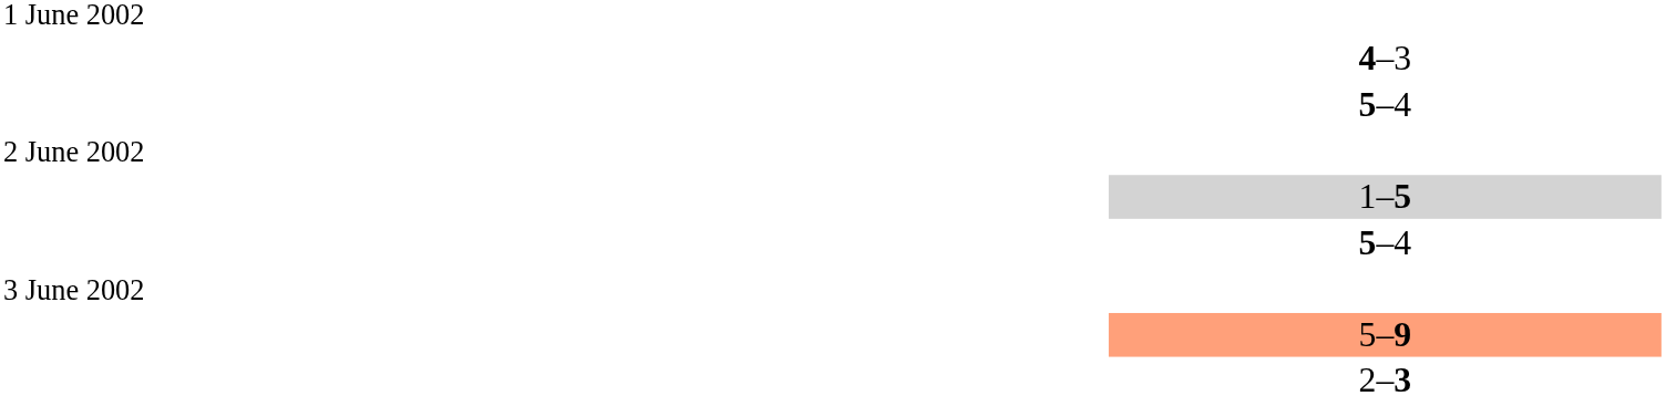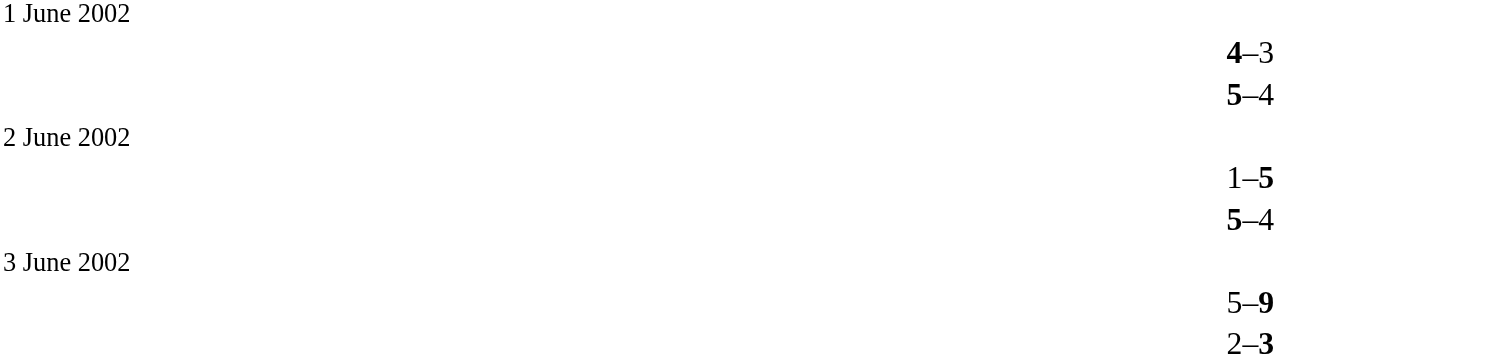 <table width=100% cellspacing=1>
 <tr>
 <th width=40%></th>
 <th width=20%></th>
 <th></th>
 </tr>
 <tr>
 <td><small>1 June 2002</small></td>
 </tr>
 <tr>
 <td align=right><strong></strong></td>
 <td align=center><strong>4</strong>–3</td>
 <td></td>
 </tr>
 <tr>
 <td align=right><strong></strong></td>
 <td align=center><strong>5</strong>–4</td>
 <td></td>
 </tr>
 <tr>
 <td><small>2 June 2002</small></td>
 </tr>
 <tr>
 <td align=right></td>
-<td align=center style="background: lightgrey;">1–<strong>5</strong></td>
+<td align=center>1–<strong>5</strong></td>
 <td><strong></strong></td>
 </tr>
 <tr>
 <td align=right><strong></strong></td>
 <td align=center><strong>5</strong>–4</td>
 <td></td>
 </tr>
 <tr>
 <td><small>3 June 2002</small></td>
 </tr>
 <tr>
 <td align=right></td>
-<td align=center style="background: lightsalmon;">5–<strong>9</strong></td>
+<td align=center>5–<strong>9</strong></td>
 <td><strong></strong></td>
 </tr>
 <tr>
 <td align=right></td>
 <td align=center>2–<strong>3</strong></td>
 <td><strong></strong></td>
 </tr>
 </table>
